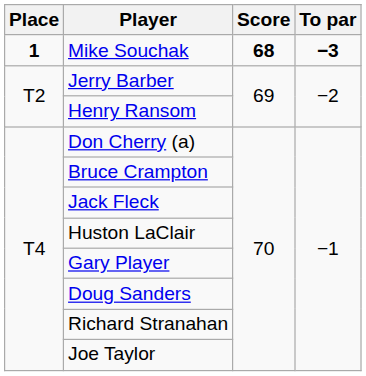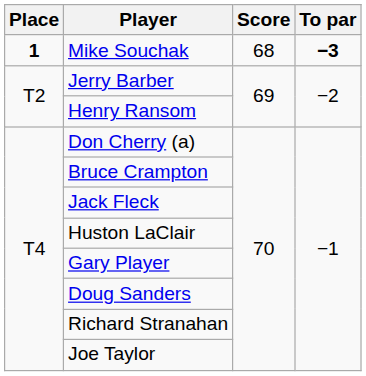 <table class="wikitable">
 <tr>
 <th>Place</th>
 <th>Player</th>
 <th>Score</th>
 <th>To par</th>
 </tr>
 <tr>
 <td align=center><strong>1</strong></td>
 <td> <a href='#'>Mike Souchak</a></td>
-<td align=center><strong>68</strong></td>
+<td align=center>68</td>
 <td align=center><strong>−3</strong></td>
 </tr>
 <tr>
 <td rowspan="2" align=center>T2</td>
 <td> <a href='#'>Jerry Barber</a></td>
 <td rowspan="2" align=center>69</td>
 <td rowspan="2" align=center>−2</td>
 </tr>
 <tr>
 <td> <a href='#'>Henry Ransom</a></td>
 </tr>
 <tr>
 <td rowspan="8" align=center>T4</td>
 <td> <a href='#'>Don Cherry</a> (a)</td>
 <td rowspan="8" align=center>70</td>
 <td rowspan="8" align=center>−1</td>
 </tr>
 <tr>
 <td> <a href='#'>Bruce Crampton</a></td>
 </tr>
 <tr>
 <td> <a href='#'>Jack Fleck</a></td>
 </tr>
 <tr>
 <td> Huston LaClair</td>
 </tr>
 <tr>
 <td> <a href='#'>Gary Player</a></td>
 </tr>
 <tr>
 <td> <a href='#'>Doug Sanders</a></td>
 </tr>
 <tr>
 <td> Richard Stranahan</td>
 </tr>
 <tr>
 <td> Joe Taylor</td>
 </tr>
 </table>
